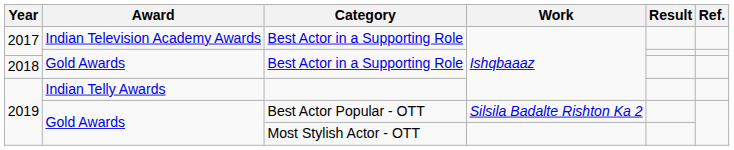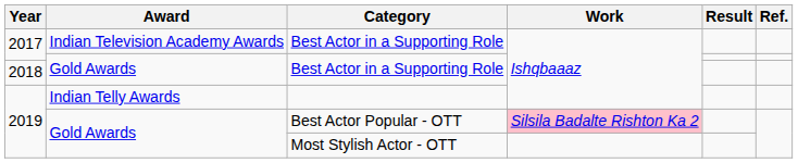 <table class="wikitable">
 <tr>
 <th>Year</th>
 <th>Award</th>
 <th>Category</th>
 <th>Work</th>
 <th>Result</th>
 <th>Ref.</th>
 </tr>
 <tr>
 <td rowspan="2">2017</td>
 <td><a href='#'>Indian Television Academy Awards</a></td>
 <td><a href='#'>Best Actor in a Supporting Role</a></td>
 <td rowspan="4"><em><a href='#'>Ishqbaaaz</a></em></td>
 <td></td>
 <td></td>
 </tr>
 <tr>
 <td rowspan="2"><a href='#'>Gold Awards</a></td>
 <td rowspan="2"><a href='#'>Best Actor in a Supporting Role</a></td>
 <td></td>
 <td></td>
 </tr>
 <tr>
 <td>2018</td>
 <td></td>
 <td></td>
 </tr>
 <tr>
 <td rowspan="3">2019</td>
 <td><a href='#'>Indian Telly Awards</a></td>
 <td></td>
 <td></td>
 <td></td>
 </tr>
 <tr>
 <td rowspan="2"><a href='#'>Gold Awards</a></td>
 <td>Best Actor Popular - OTT</td>
-<td><em><a href='#'>Silsila Badalte Rishton Ka 2</a></em></td>
+<td style="background: pink;"><em><a href='#'>Silsila Badalte Rishton Ka 2</a></em></td>
 <td></td>
 <td rowspan="2"></td>
 </tr>
 <tr>
 <td>Most Stylish Actor - OTT</td>
 <td></td>
 <td></td>
 </tr>
 </table>
